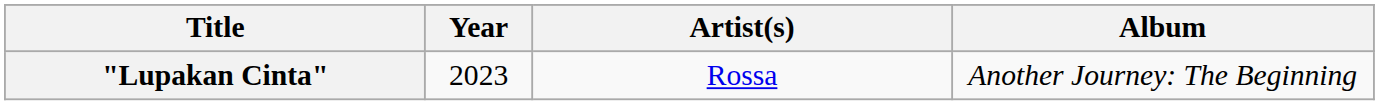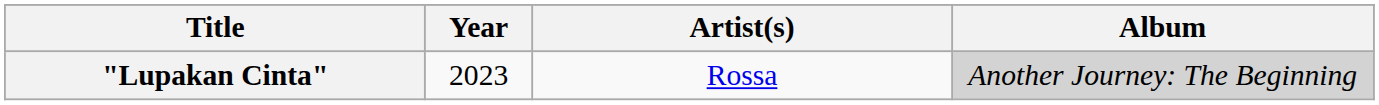 <table class="wikitable plainrowheaders" style="text-align:center;">
 <tr>
 <th scope="col" style="width:220px;">Title</th>
 <th scope="col" style="width:50px;">Year</th>
 <th scope="col" style="width:220px;">Artist(s)</th>
 <th scope="col" style="width:220px;">Album</th>
 </tr>
 <tr>
 <th scope="row">"Lupakan Cinta"</th>
 <td rowspan="3">2023</td>
 <td><a href='#'>Rossa</a></td>
-<td><em>Another Journey: The Beginning</em></td>
+<td style="background: lightgrey;"><em>Another Journey: The Beginning</em></td>
 </tr>
 </table>
